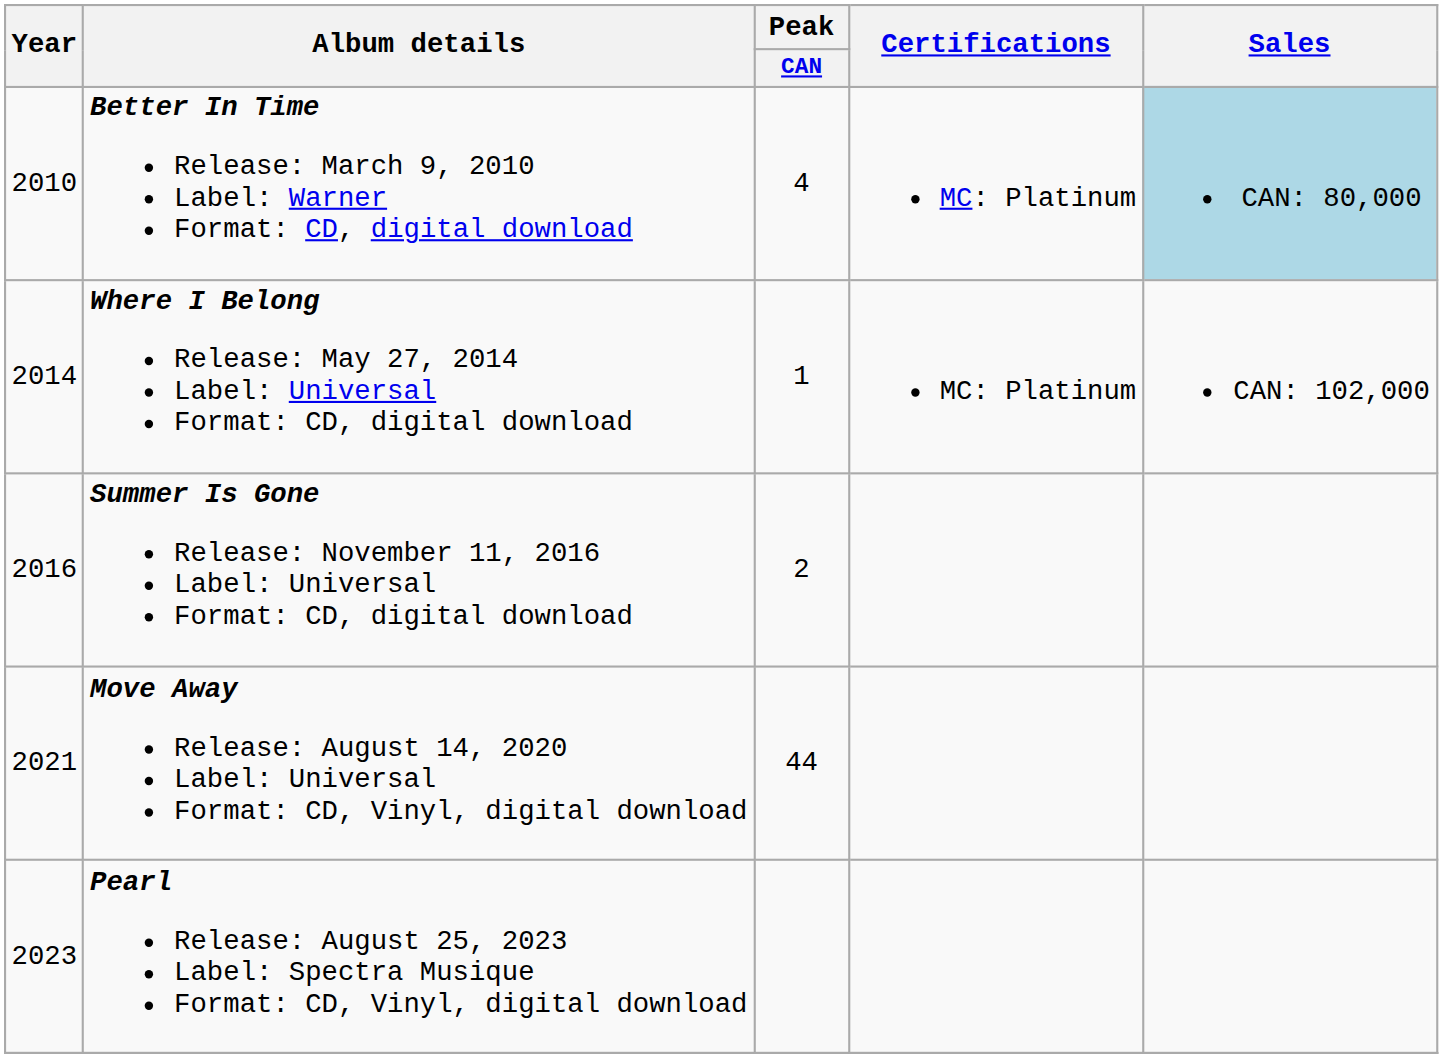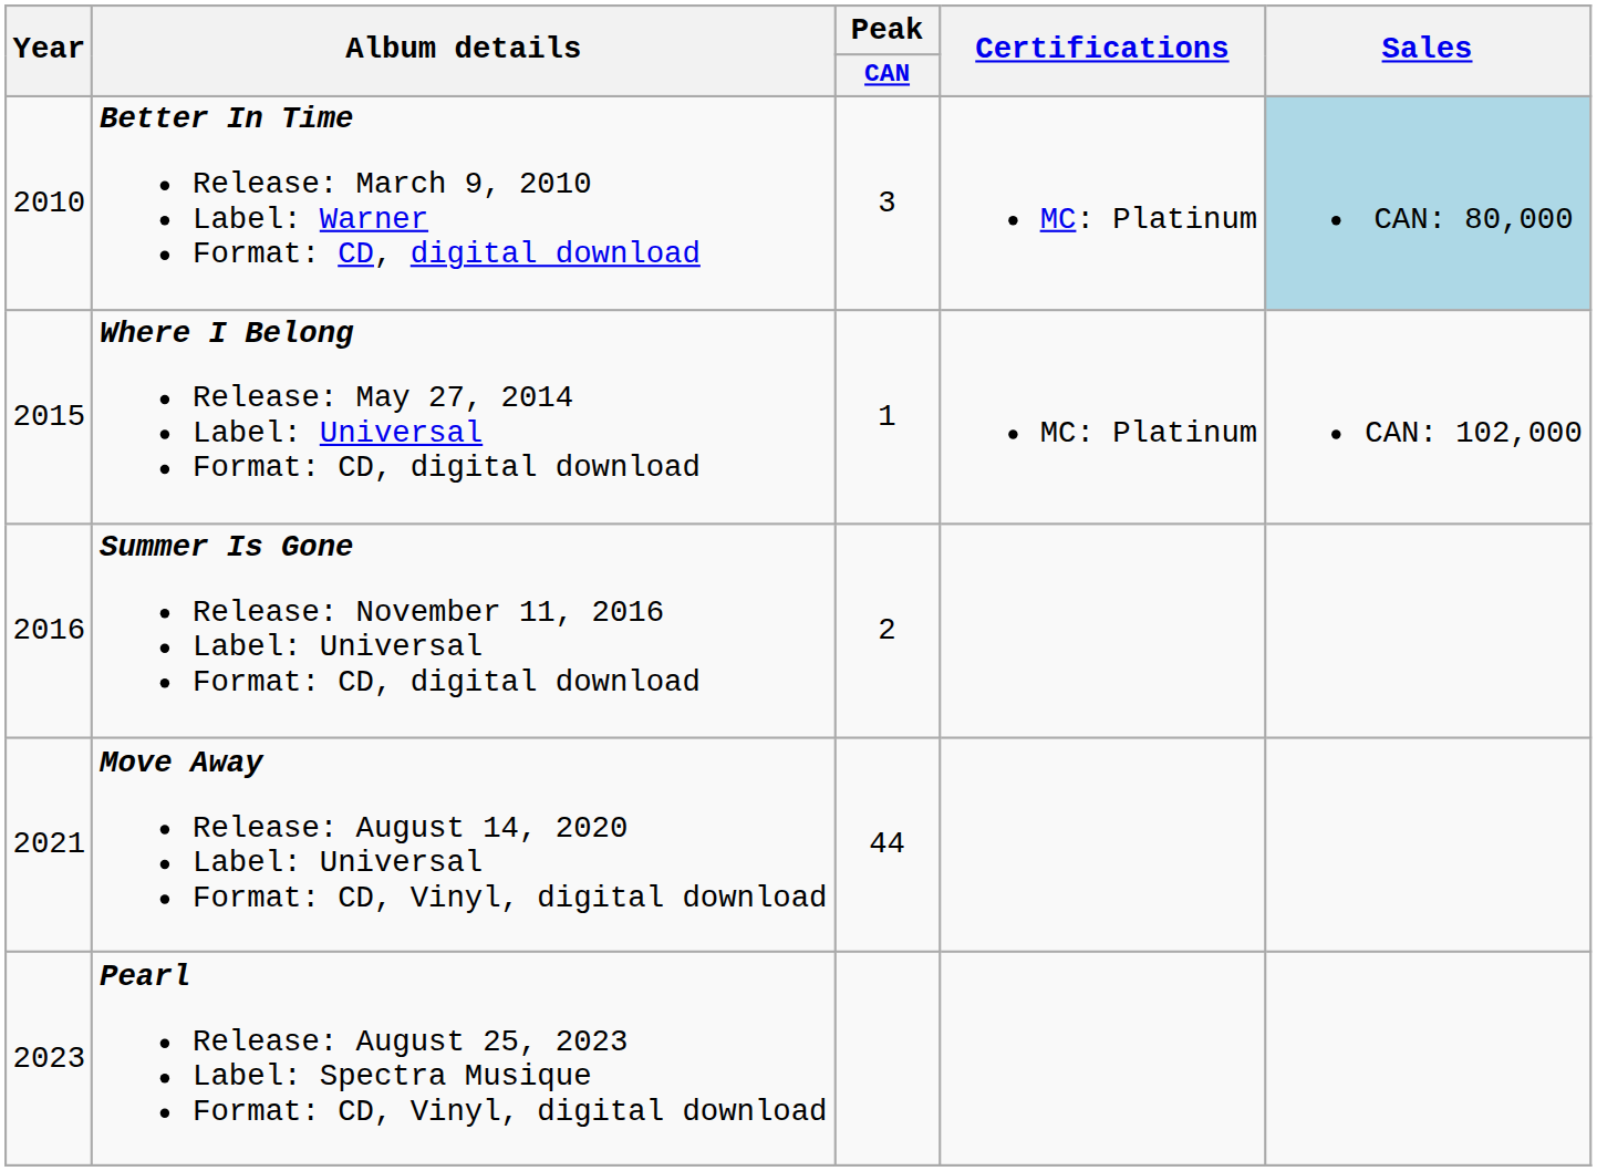 <table class="wikitable" style="text-align:center;">
 <tr>
 <th rowspan="2">Year</th>
 <th rowspan="2">Album details</th>
 <th colspan="1">Peak</th>
 <th rowspan="2"><a href='#'>Certifications</a></th>
 <th rowspan="2"><a href='#'>Sales</a></th>
 </tr>
 <tr style="font-size:smaller;">
 <th width="40"><a href='#'>CAN</a><br></th>
 </tr>
 <tr>
 <td>2010</td>
 <td align="left"><strong><em>Better In Time</em></strong><br><ul><li>Release: March 9, 2010</li><li>Label: <a href='#'>Warner</a></li><li>Format: <a href='#'>CD</a>, <a href='#'>digital download</a></li></ul></td>
-<td>4</td>
+<td>3</td>
 <td align="left"><br><ul><li><a href='#'>MC</a>: Platinum</li></ul></td>
 <td style="background: lightblue;"><br><ul><li>CAN: 80,000</li></ul></td>
 </tr>
 <tr>
-<td>2014</td>
+<td>2015</td>
 <td align="left"><strong><em>Where I Belong</em></strong><br><ul><li>Release: May 27, 2014</li><li>Label: <a href='#'>Universal</a></li><li>Format: CD, digital download</li></ul></td>
 <td>1</td>
 <td align="left"><br><ul><li>MC: Platinum</li></ul></td>
 <td><br><ul><li>CAN: 102,000</li></ul></td>
 </tr>
 <tr>
 <td>2016</td>
 <td align="left"><strong><em>Summer Is Gone</em></strong><br><ul><li>Release: November 11, 2016</li><li>Label: Universal</li><li>Format: CD, digital download</li></ul></td>
 <td>2<br></td>
 <td align="left"></td>
 <td></td>
 </tr>
 <tr>
 <td>2021</td>
 <td align="left"><strong><em>Move Away</em></strong><br><ul><li>Release: August 14, 2020</li><li>Label: Universal</li><li>Format: CD, Vinyl, digital download</li></ul></td>
 <td>44</td>
 <td align="left"></td>
 <td></td>
 </tr>
 <tr>
 <td>2023</td>
 <td align="left"><strong><em>Pearl</em></strong><br><ul><li>Release: August 25, 2023</li><li>Label: Spectra Musique</li><li>Format: CD, Vinyl, digital download</li></ul></td>
 <td></td>
 <td align="left"></td>
 <td></td>
 </tr>
 <tr>
 </tr>
 </table>
